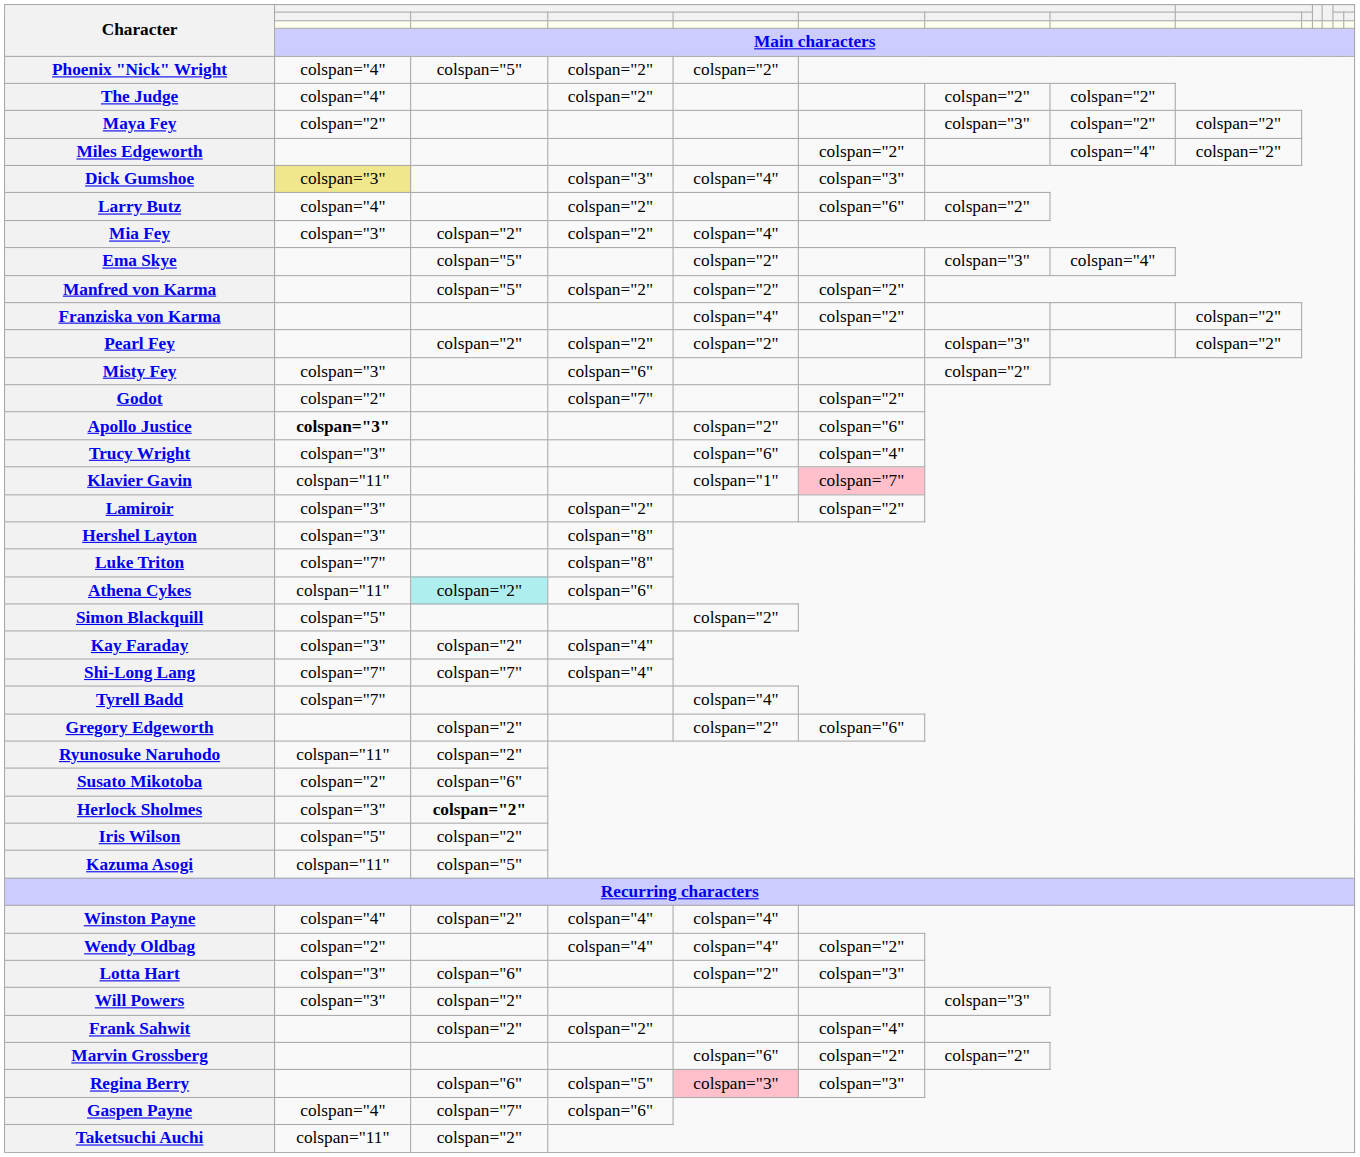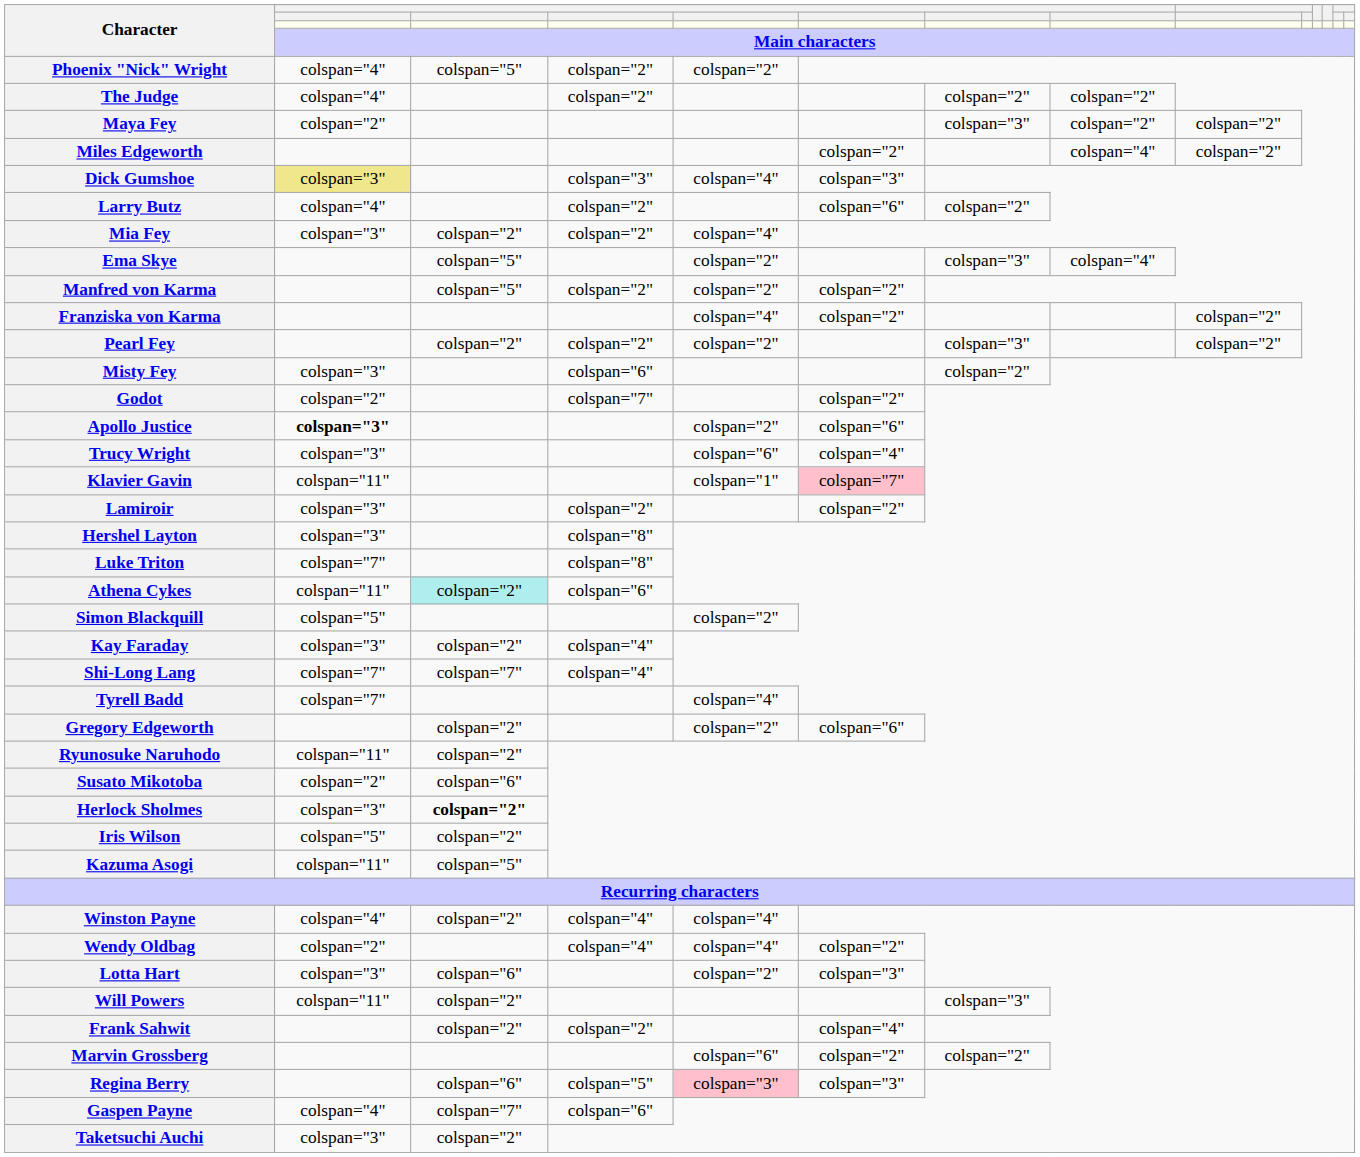 <table class="wikitable" style="width:99%; text-align:center;">
 <tr>
 <th rowspan="5" style="width:20%;">Character</th>
 </tr>
 <tr>
 <th colspan="7"><a href='#'><em></em></a></th>
 <th colspan="2"><a href='#'><em></em></a></th>
 <th rowspan="2"><a href='#'></a></th>
 <th rowspan="2"><a href='#'></a></th>
 <th colspan="2"><a href='#'><em></em></a></th>
 </tr>
 <tr>
 <th><a href='#'><em></em></a></th>
 <th><a href='#'><em></em></a></th>
 <th><a href='#'><em></em></a></th>
 <th><a href='#'><em></em></a></th>
 <th><a href='#'><em></em></a></th>
 <th><a href='#'><em></em></a></th>
 <th><a href='#'><em></em></a></th>
 <th><a href='#'><em></em></a></th>
 <th><a href='#'><em></em></a></th>
 <th><a href='#'><em></em></a></th>
 <th><a href='#'><em></em></a></th>
 </tr>
 <tr>
 <td style="background:ivory;"></td>
 <td style="background:ivory;"></td>
 <td style="background:ivory;"></td>
 <td style="background:ivory;"></td>
 <td style="background:ivory;"></td>
 <td style="background:ivory;"></td>
 <td style="background:ivory;"></td>
 <td style="background:ivory;"></td>
 <td style="background:ivory;"></td>
 <td style="background:ivory;"></td>
 <td style="background:ivory;"></td>
 <td style="background:ivory;"></td>
 <td style="background:ivory;"></td>
 </tr>
 <tr>
 <th colspan="13" style="background-color:#ccccff;"><a href='#'>Main characters</a></th>
 </tr>
 <tr>
 <th><a href='#'>Phoenix "Nick" Wright</a></th>
 <td>colspan="4" </td>
 <td>colspan="5" </td>
 <td>colspan="2" </td>
 <td>colspan="2" </td>
 </tr>
 <tr>
 <th><a href='#'>The Judge</a></th>
 <td>colspan="4" </td>
 <td></td>
 <td>colspan="2" </td>
 <td></td>
 <td></td>
 <td>colspan="2" </td>
 <td>colspan="2" </td>
 </tr>
 <tr>
 <th><a href='#'>Maya Fey</a></th>
 <td>colspan="2" </td>
 <td></td>
 <td></td>
 <td></td>
 <td></td>
 <td>colspan="3" </td>
 <td>colspan="2" </td>
 <td>colspan="2" </td>
 </tr>
 <tr>
 <th><a href='#'>Miles Edgeworth</a></th>
 <td></td>
 <td></td>
 <td></td>
 <td></td>
 <td>colspan="2" </td>
 <td></td>
 <td>colspan="4" </td>
 <td>colspan="2" </td>
 </tr>
 <tr>
 <th><a href='#'>Dick Gumshoe</a></th>
 <td style="background: khaki;">colspan="3" </td>
 <td></td>
 <td>colspan="3" </td>
 <td>colspan="4" </td>
 <td>colspan="3" </td>
 </tr>
 <tr>
 <th><a href='#'>Larry Butz</a></th>
 <td>colspan="4" </td>
 <td></td>
 <td>colspan="2" </td>
 <td></td>
 <td>colspan="6" </td>
 <td>colspan="2" </td>
 </tr>
 <tr>
 <th><a href='#'>Mia Fey</a></th>
 <td>colspan="3" </td>
 <td>colspan="2" </td>
 <td>colspan="2" </td>
 <td>colspan="4" </td>
 </tr>
 <tr>
 <th><a href='#'>Ema Skye</a></th>
 <td></td>
 <td>colspan="5" </td>
 <td></td>
 <td>colspan="2" </td>
 <td></td>
 <td>colspan="3" </td>
 <td>colspan="4" </td>
 </tr>
 <tr>
 <th><a href='#'>Manfred von Karma</a></th>
 <td></td>
 <td>colspan="5" </td>
 <td>colspan="2" </td>
 <td>colspan="2" </td>
 <td>colspan="2" </td>
 </tr>
 <tr>
 <th><a href='#'>Franziska von Karma</a></th>
 <td></td>
 <td></td>
 <td></td>
 <td>colspan="4" </td>
 <td>colspan="2" </td>
 <td></td>
 <td></td>
 <td>colspan="2" </td>
 </tr>
 <tr>
 <th><a href='#'>Pearl Fey</a></th>
 <td></td>
 <td>colspan="2" </td>
 <td>colspan="2" </td>
 <td>colspan="2" </td>
 <td></td>
 <td>colspan="3" </td>
 <td></td>
 <td>colspan="2" </td>
 </tr>
 <tr>
 <th><a href='#'>Misty Fey</a></th>
 <td>colspan="3" </td>
 <td></td>
 <td>colspan="6" </td>
 <td></td>
 <td></td>
 <td>colspan="2" </td>
 </tr>
 <tr>
 <th><a href='#'>Godot<br></a></th>
 <td>colspan="2" </td>
 <td></td>
 <td>colspan="7" </td>
 <td></td>
 <td>colspan="2" </td>
 </tr>
 <tr>
 <th><a href='#'>Apollo Justice</a></th>
 <td><strong>colspan="3" </strong></td>
 <td></td>
 <td></td>
 <td>colspan="2" </td>
 <td>colspan="6" </td>
 </tr>
 <tr>
 <th><a href='#'>Trucy Wright</a></th>
 <td>colspan="3" </td>
 <td></td>
 <td></td>
 <td>colspan="6" </td>
 <td>colspan="4" </td>
 </tr>
 <tr>
 <th><a href='#'>Klavier Gavin</a></th>
 <td>colspan="11" </td>
 <td></td>
 <td></td>
 <td>colspan="1" </td>
 <td style="background: pink;">colspan="7" </td>
 </tr>
 <tr>
 <th><a href='#'>Lamiroir<br></a></th>
 <td>colspan="3" </td>
 <td></td>
 <td>colspan="2" </td>
 <td></td>
 <td>colspan="2" </td>
 </tr>
 <tr>
 <th><a href='#'>Hershel Layton</a></th>
 <td>colspan="3" </td>
 <td></td>
 <td>colspan="8" </td>
 </tr>
 <tr>
 <th><a href='#'>Luke Triton</a></th>
 <td>colspan="7" </td>
 <td></td>
 <td>colspan="8" </td>
 </tr>
 <tr>
 <th><a href='#'>Athena Cykes</a></th>
 <td>colspan="11" </td>
 <td style="background: paleturquoise;">colspan="2" </td>
 <td>colspan="6" </td>
 </tr>
 <tr>
 <th><a href='#'>Simon Blackquill</a></th>
 <td>colspan="5" </td>
 <td></td>
 <td></td>
 <td>colspan="2" </td>
 </tr>
 <tr>
 <th><a href='#'>Kay Faraday</a></th>
 <td>colspan="3" </td>
 <td>colspan="2" </td>
 <td>colspan="4" </td>
 </tr>
 <tr>
 <th><a href='#'>Shi-Long Lang</a></th>
 <td>colspan="7" </td>
 <td>colspan="7" </td>
 <td>colspan="4" </td>
 </tr>
 <tr>
 <th><a href='#'>Tyrell Badd</a></th>
 <td>colspan="7" </td>
 <td></td>
 <td></td>
 <td>colspan="4" </td>
 </tr>
 <tr>
 <th><a href='#'>Gregory Edgeworth</a></th>
 <td></td>
 <td>colspan="2" </td>
 <td></td>
 <td>colspan="2" </td>
 <td>colspan="6" </td>
 </tr>
 <tr>
 <th><a href='#'>Ryunosuke Naruhodo</a></th>
 <td>colspan="11" </td>
 <td>colspan="2" </td>
 </tr>
 <tr>
 <th><a href='#'>Susato Mikotoba</a></th>
 <td>colspan="2" </td>
 <td>colspan="6" </td>
 </tr>
 <tr>
 <th><a href='#'>Herlock Sholmes</a></th>
 <td>colspan="3" </td>
 <td><strong>colspan="2" </strong></td>
 </tr>
 <tr>
 <th><a href='#'>Iris Wilson</a></th>
 <td>colspan="5" </td>
 <td>colspan="2" </td>
 </tr>
 <tr>
 <th><a href='#'>Kazuma Asogi</a></th>
 <td>colspan="11" </td>
 <td>colspan="5" </td>
 </tr>
 <tr>
 <th colspan="14" style="background-color:#ccccff;"><a href='#'>Recurring characters</a></th>
 </tr>
 <tr>
 <th><a href='#'>Winston Payne</a></th>
 <td>colspan="4" </td>
 <td>colspan="2" </td>
 <td>colspan="4" </td>
 <td>colspan="4" </td>
 </tr>
 <tr>
 <th><a href='#'>Wendy Oldbag</a></th>
 <td>colspan="2" </td>
 <td></td>
 <td>colspan="4" </td>
 <td>colspan="4" </td>
 <td>colspan="2" </td>
 </tr>
 <tr>
 <th><a href='#'>Lotta Hart</a></th>
 <td>colspan="3" </td>
 <td>colspan="6" </td>
 <td></td>
 <td>colspan="2" </td>
 <td>colspan="3" </td>
 </tr>
 <tr>
 <th><a href='#'>Will Powers</a></th>
-<td>colspan="3" </td>
+<td>colspan="11" </td>
 <td>colspan="2" </td>
 <td></td>
 <td></td>
 <td></td>
 <td>colspan="3" </td>
 </tr>
 <tr>
 <th><a href='#'>Frank Sahwit</a></th>
 <td></td>
 <td>colspan="2" </td>
 <td>colspan="2" </td>
 <td></td>
 <td>colspan="4" </td>
 </tr>
 <tr>
 <th><a href='#'>Marvin Grossberg</a></th>
 <td></td>
 <td></td>
 <td></td>
 <td>colspan="6" </td>
 <td>colspan="2" </td>
 <td>colspan="2" </td>
 </tr>
 <tr>
 <th><a href='#'>Regina Berry</a></th>
 <td></td>
 <td>colspan="6" </td>
 <td>colspan="5" </td>
 <td style="background: pink;">colspan="3" </td>
 <td>colspan="3" </td>
 </tr>
 <tr>
 <th><a href='#'>Gaspen Payne</a></th>
 <td>colspan="4" </td>
 <td>colspan="7" </td>
 <td>colspan="6" </td>
 </tr>
 <tr>
 <th><a href='#'>Taketsuchi Auchi</a></th>
-<td>colspan="11" </td>
+<td>colspan="3" </td>
 <td>colspan="2" </td>
 </tr>
 </table>
